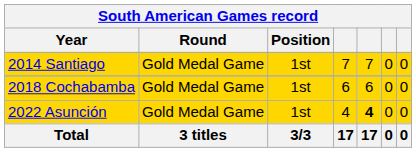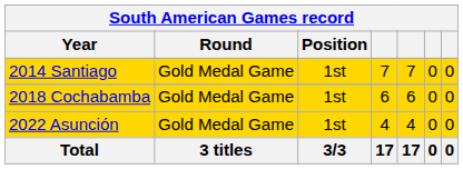 <table class="wikitable" style="text-align: center;">
 <tr>
 <th colspan=10><a href='#'>South American Games record</a></th>
 </tr>
 <tr>
 <th>Year</th>
 <th>Round</th>
 <th>Position</th>
 <th></th>
 <th></th>
 <th></th>
 <th></th>
 </tr>
 <tr>
 </tr>
 <tr bgcolor=gold>
 <td align=left> <a href='#'>2014 Santiago</a></td>
 <td>Gold Medal Game</td>
 <td>1st</td>
 <td>7</td>
 <td>7</td>
 <td>0</td>
 <td>0</td>
 </tr>
 <tr>
 </tr>
 <tr bgcolor=gold>
 <td align=left> <a href='#'>2018 Cochabamba</a></td>
 <td>Gold Medal Game</td>
 <td>1st</td>
 <td>6</td>
 <td>6</td>
 <td>0</td>
 <td>0</td>
 </tr>
 <tr bgcolor=gold>
 <td align=left> <a href='#'>2022 Asunción</a></td>
 <td>Gold Medal Game</td>
 <td>1st</td>
 <td>4</td>
-<td><strong>4</strong></td>
+<td>4</td>
 <td>0</td>
 <td>0</td>
 </tr>
 <tr>
 <th>Total</th>
 <th>3 titles</th>
 <th>3/3</th>
 <th>17</th>
 <th>17</th>
 <th>0</th>
 <th>0</th>
 </tr>
 </table>
